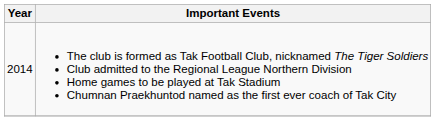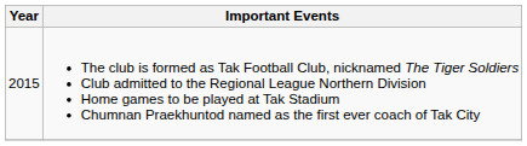 <table class="wikitable">
 <tr>
 <th>Year</th>
 <th>Important Events</th>
 </tr>
 <tr>
-<td>2014</td>
+<td>2015</td>
 <td><br><ul><li>The club is formed as Tak Football Club, nicknamed <em>The Tiger Soldiers</em></li><li>Club admitted to the Regional League Northern Division</li><li>Home games to be played at Tak Stadium</li><li>Chumnan Praekhuntod named as the first ever coach of Tak City</li></ul></td>
 </tr>
 <tr>
 </tr>
 </table>
